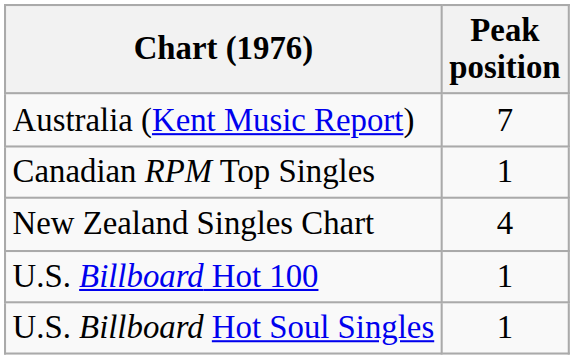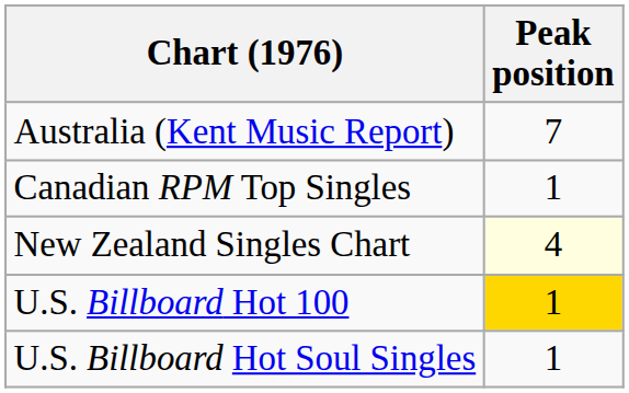 <table class="wikitable sortable">
 <tr>
 <th>Chart (1976)</th>
 <th>Peak <br>position</th>
 </tr>
 <tr>
 <td>Australia (<a href='#'>Kent Music Report</a>)</td>
 <td style="text-align:center;">7</td>
 </tr>
 <tr>
 <td>Canadian <em>RPM</em> Top Singles</td>
 <td style="text-align:center;">1</td>
 </tr>
 <tr>
 <td>New Zealand Singles Chart</td>
-<td style="text-align:center;">4</td>
+<td style="background: lightyellow; text-align:center;">4</td>
 </tr>
 <tr>
 <td>U.S. <a href='#'><em>Billboard</em> Hot 100</a></td>
-<td style="text-align:center;">1</td>
+<td style="background: gold; text-align:center;">1</td>
 </tr>
 <tr>
 <td>U.S. <em>Billboard</em> <a href='#'>Hot Soul Singles</a></td>
 <td style="text-align:center;">1</td>
 </tr>
 </table>
